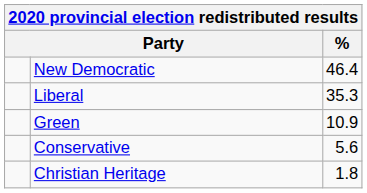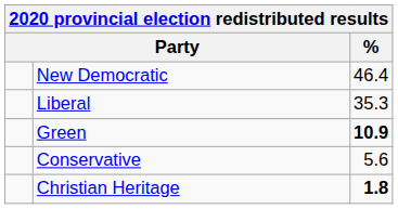 <table class="wikitable">
 <tr>
 <th colspan="4"><a href='#'>2020 provincial election</a> redistributed results</th>
 </tr>
 <tr>
 <th bgcolor="#DDDDFF" width="130px" colspan="2">Party</th>
 <th bgcolor="#DDDDFF" width="30px">%</th>
 </tr>
 <tr>
 <td> </td>
 <td><a href='#'>New Democratic</a></td>
 <td align=right>46.4</td>
 </tr>
 <tr>
 <td> </td>
 <td><a href='#'>Liberal</a></td>
 <td align=right>35.3</td>
 </tr>
 <tr>
 <td> </td>
 <td><a href='#'>Green</a></td>
-<td align=right>10.9</td>
+<td align=right><strong>10.9</strong></td>
 </tr>
 <tr>
 <td> </td>
 <td><a href='#'>Conservative</a></td>
 <td align=right>5.6</td>
 </tr>
 <tr>
 <td> </td>
 <td><a href='#'>Christian Heritage</a></td>
-<td align=right>1.8</td>
+<td align=right><strong>1.8</strong></td>
 </tr>
 </table>
